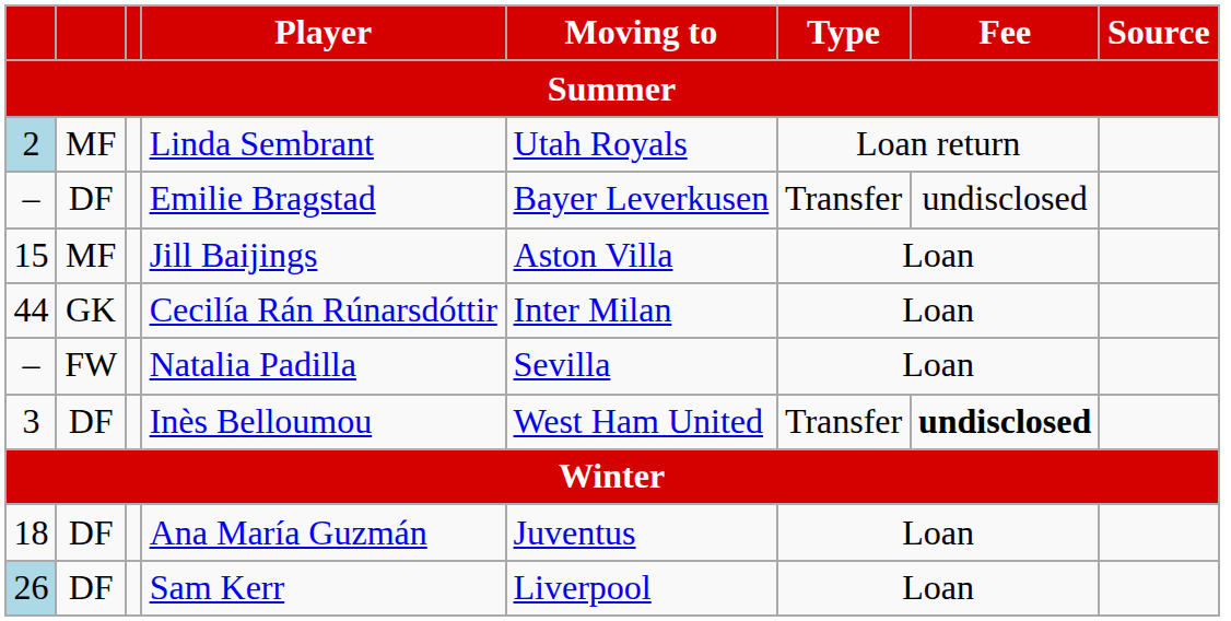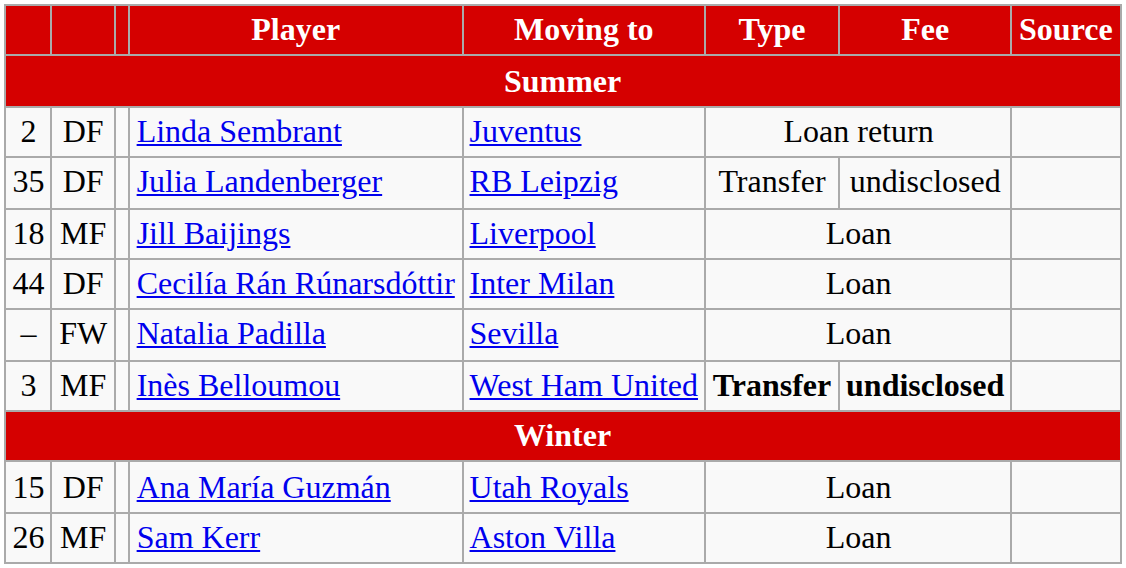 <table class="wikitable plainrowheaders sortable" style="text-align:center">
 <tr>
 <th style="background:#D50000; color:#FFFFFF; "></th>
 <th style="background:#D50000; color:#FFFFFF; "></th>
 <th style="background:#D50000; color:#FFFFFF; "></th>
 <th style="background:#D50000; color:#FFFFFF; ">Player</th>
 <th style="background:#D50000; color:#FFFFFF; ">Moving to</th>
 <th style="background:#D50000; color:#FFFFFF; ">Type</th>
 <th style="background:#D50000; color:#FFFFFF; ">Fee</th>
 <th style="background:#D50000; color:#FFFFFF; ">Source</th>
 </tr>
 <tr>
 <th colspan=8 style="background:#D50000; color:#FFFFFF; ">Summer</th>
 </tr>
 <tr>
-<td style="background: lightblue;">2</td>
-<td>MF</td>
+<td>2</td>
+<td>DF</td>
 <td></td>
 <td align="left"><a href='#'>Linda Sembrant</a></td>
-<td align="left"> <a href='#'>Utah Royals</a></td>
+<td align="left"> <a href='#'>Juventus</a></td>
 <td colspan=2>Loan return</td>
 <td></td>
 </tr>
 <tr>
-<td>–</td>
+<td>35</td>
 <td>DF</td>
 <td></td>
-<td align="left"><a href='#'>Emilie Bragstad</a></td>
-<td align="left"> <a href='#'>Bayer Leverkusen</a></td>
+<td align="left"><a href='#'>Julia Landenberger</a></td>
+<td align="left"> <a href='#'>RB Leipzig</a></td>
 <td>Transfer</td>
 <td>undisclosed</td>
 <td></td>
 </tr>
 <tr>
-<td>15</td>
+<td>18</td>
 <td>MF</td>
 <td></td>
 <td align="left"><a href='#'>Jill Baijings</a></td>
-<td align="left"> <a href='#'>Aston Villa</a></td>
+<td align="left"> <a href='#'>Liverpool</a></td>
 <td colspan=2>Loan</td>
 <td></td>
 </tr>
 <tr>
 <td>44</td>
-<td>GK</td>
+<td>DF</td>
 <td></td>
 <td align="left"><a href='#'>Cecilía Rán Rúnarsdóttir</a></td>
 <td align="left"> <a href='#'>Inter Milan</a></td>
 <td colspan=2>Loan</td>
 <td></td>
 </tr>
 <tr>
 <td>–</td>
 <td>FW</td>
 <td></td>
 <td align="left"><a href='#'>Natalia Padilla</a></td>
 <td align="left"> <a href='#'>Sevilla</a></td>
 <td colspan=2>Loan</td>
 <td></td>
 </tr>
 <tr>
 <td>3</td>
-<td>DF</td>
+<td>MF</td>
 <td></td>
 <td align="left"><a href='#'>Inès Belloumou</a></td>
 <td align="left"> <a href='#'>West Ham United</a></td>
-<td>Transfer</td>
+<td><strong>Transfer</strong></td>
 <td><strong>undisclosed</strong></td>
 <td></td>
 </tr>
 <tr>
 <th colspan=8 style="background:#D50000; color:#FFFFFF; ">Winter</th>
 </tr>
 <tr>
-<td>18</td>
+<td>15</td>
 <td>DF</td>
 <td></td>
 <td align="left"><a href='#'>Ana María Guzmán</a></td>
-<td align="left"> <a href='#'>Juventus</a></td>
+<td align="left"> <a href='#'>Utah Royals</a></td>
 <td colspan=2>Loan</td>
 <td></td>
 </tr>
 <tr>
-<td style="background: lightblue;">26</td>
-<td>DF</td>
+<td>26</td>
+<td>MF</td>
 <td></td>
 <td align="left"><a href='#'>Sam Kerr</a></td>
-<td align="left"> <a href='#'>Liverpool</a></td>
+<td align="left"> <a href='#'>Aston Villa</a></td>
 <td colspan=2>Loan</td>
 <td></td>
 </tr>
 <tr>
 </tr>
 </table>
